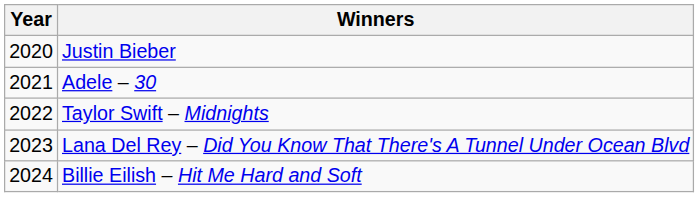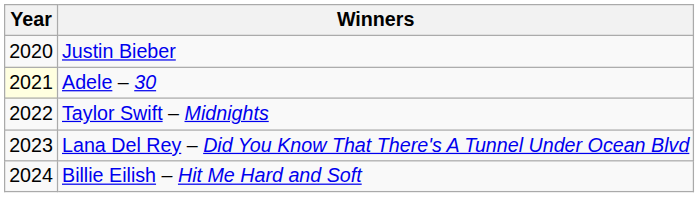 <table class="wikitable">
 <tr>
 <th>Year</th>
 <th>Winners</th>
 </tr>
 <tr>
 <td>2020</td>
 <td><a href='#'>Justin Bieber</a></td>
 </tr>
 <tr>
-<td>2021</td>
+<td style="background: lightyellow;">2021</td>
 <td><a href='#'>Adele</a> – <a href='#'><em>30</em></a></td>
 </tr>
 <tr>
 <td>2022</td>
 <td><a href='#'>Taylor Swift</a> – <em><a href='#'>Midnights</a></em></td>
 </tr>
 <tr>
 <td>2023</td>
 <td><a href='#'>Lana Del Rey</a> – <a href='#'><em>Did You Know That There's A Tunnel Under Ocean Blvd</em></a></td>
 </tr>
 <tr>
 <td>2024</td>
 <td><a href='#'>Billie Eilish</a> <em>– <a href='#'>Hit Me Hard and Soft</a></em></td>
 </tr>
 </table>
